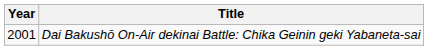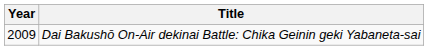 <table class="wikitable">
 <tr>
 <th>Year</th>
 <th>Title</th>
 </tr>
 <tr>
-<td>2001</td>
+<td>2009</td>
 <td><em>Dai Bakushō On-Air dekinai Battle: Chika Geinin geki Yabaneta-sai</em></td>
 </tr>
 </table>
